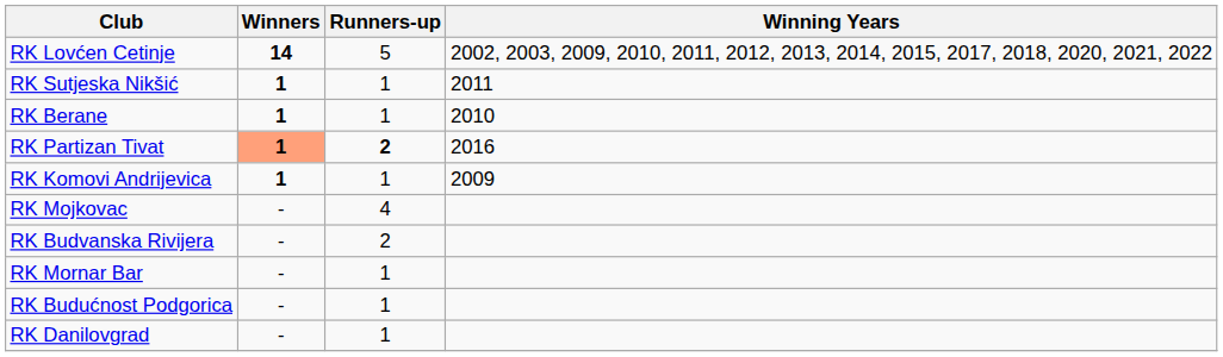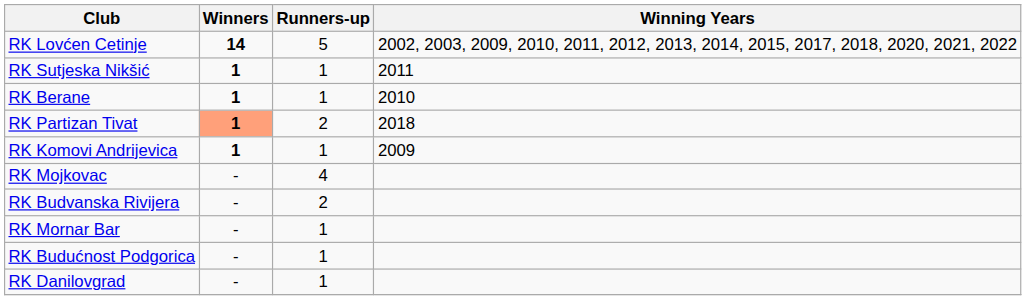 <table class="wikitable" style="font-size:90%">
 <tr>
 <th>Club</th>
 <th>Winners</th>
 <th>Runners-up</th>
 <th>Winning Years</th>
 </tr>
 <tr>
 <td><a href='#'>RK Lovćen Cetinje</a></td>
 <td style="text-align:center;"><strong>14</strong></td>
 <td style="text-align:center;">5</td>
 <td>2002, 2003, 2009, 2010, 2011, 2012, 2013, 2014, 2015, 2017, 2018, 2020, 2021, 2022</td>
 </tr>
 <tr>
 <td><a href='#'>RK Sutjeska Nikšić</a></td>
 <td style="text-align:center;"><strong>1</strong></td>
 <td style="text-align:center;">1</td>
 <td>2011</td>
 </tr>
 <tr>
 <td><a href='#'>RK Berane</a></td>
 <td style="text-align:center;"><strong>1</strong></td>
 <td style="text-align:center;">1</td>
 <td>2010</td>
 </tr>
 <tr>
 <td><a href='#'>RK Partizan Tivat</a></td>
 <td style="background: lightsalmon; text-align:center;"><strong>1</strong></td>
-<td style="text-align:center;"><strong>2</strong></td>
-<td>2016</td>
+<td style="text-align:center;">2</td>
+<td>2018</td>
 </tr>
 <tr>
 <td><a href='#'>RK Komovi Andrijevica</a></td>
 <td style="text-align:center;"><strong>1</strong></td>
 <td style="text-align:center;">1</td>
 <td>2009</td>
 </tr>
 <tr>
 <td><a href='#'>RK Mojkovac</a></td>
 <td style="text-align:center;">-</td>
 <td style="text-align:center;">4</td>
 <td></td>
 </tr>
 <tr>
 <td><a href='#'>RK Budvanska Rivijera</a></td>
 <td style="text-align:center;">-</td>
 <td style="text-align:center;">2</td>
 </tr>
 <tr>
 <td><a href='#'>RK Mornar Bar</a></td>
 <td style="text-align:center;">-</td>
 <td style="text-align:center;">1</td>
 <td></td>
 </tr>
 <tr>
 <td><a href='#'>RK Budućnost Podgorica</a></td>
 <td style="text-align:center;">-</td>
 <td style="text-align:center;">1</td>
 <td></td>
 </tr>
 <tr>
 <td><a href='#'>RK Danilovgrad</a></td>
 <td style="text-align:center;">-</td>
 <td style="text-align:center;">1</td>
 <td></td>
 </tr>
 <tr>
 </tr>
 </table>
